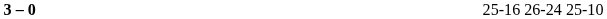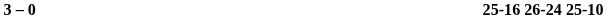 <table style="width:100%;" cellspacing="1">
 <tr>
 <th width=20%></th>
 <th width=12%></th>
 <th width=20%></th>
 <th width=33%></th>
 <td></td>
 </tr>
 <tr style=font-size:90%>
 <td align=right><strong></strong></td>
 <td align=center><strong>3 – 0</strong></td>
 <td></td>
-<td>25-16 26-24 25-10</td>
+<td><strong>25-16 26-24 25-10</strong></td>
 </tr>
 </table>
